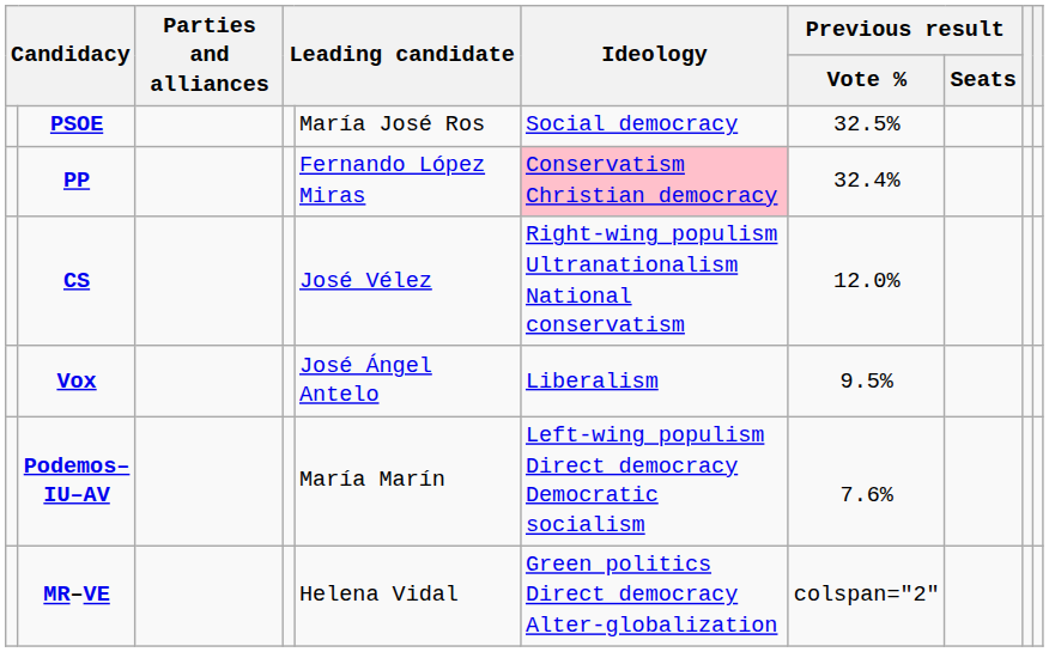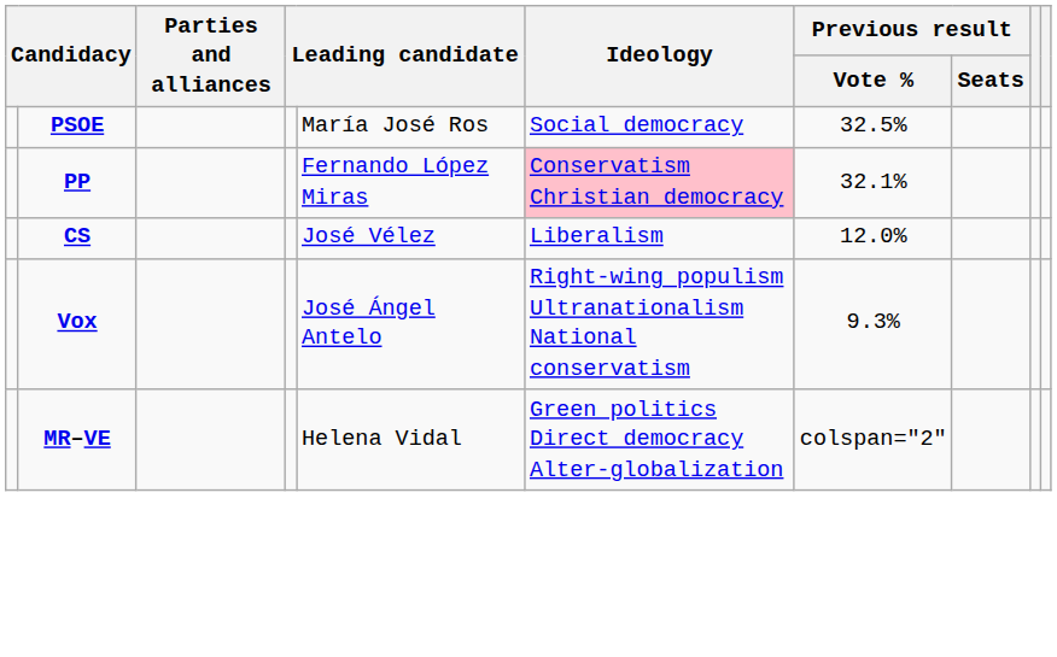 <table class="wikitable" style="line-height:1.35em; text-align:left;">
 <tr>
 <th colspan="2" rowspan="2">Candidacy</th>
 <th rowspan="2">Parties and<br>alliances</th>
 <th colspan="2" rowspan="2">Leading candidate</th>
 <th rowspan="2">Ideology</th>
 <th colspan="2">Previous result</th>
 <th rowspan="2"></th>
 <th rowspan="2"></th>
 </tr>
 <tr>
 <th>Vote %</th>
 <th>Seats</th>
 </tr>
 <tr>
 <td width="1" style="color:inherit;background:"></td>
 <td align="center"><strong><a href='#'>PSOE</a></strong></td>
 <td></td>
 <td></td>
 <td>María José Ros</td>
 <td><a href='#'>Social democracy</a></td>
 <td align="center">32.5%</td>
 <td></td>
 <td></td>
 <td></td>
 </tr>
 <tr>
 <td style="color:inherit;background:"></td>
 <td align="center"><strong><a href='#'>PP</a></strong></td>
 <td></td>
 <td></td>
 <td><a href='#'>Fernando López Miras</a></td>
 <td style="background: pink;"><a href='#'>Conservatism</a><br><a href='#'>Christian democracy</a></td>
-<td align="center">32.4%</td>
+<td align="center">32.1%</td>
 <td></td>
 <td></td>
 <td></td>
 </tr>
 <tr>
 <td style="color:inherit;background:"></td>
 <td align="center"><strong><a href='#'>CS</a></strong></td>
 <td></td>
 <td></td>
 <td><a href='#'>José Vélez</a></td>
-<td><a href='#'>Right-wing populism</a><br><a href='#'>Ultranationalism</a><br><a href='#'>National conservatism</a></td>
+<td><a href='#'>Liberalism</a></td>
 <td align="center">12.0%</td>
 <td></td>
 <td></td>
 <td><br></td>
 </tr>
 <tr>
 <td style="color:inherit;background:"></td>
 <td align="center"><strong><a href='#'>Vox</a></strong></td>
 <td></td>
 <td></td>
 <td><a href='#'>José Ángel Antelo</a></td>
-<td><a href='#'>Liberalism</a></td>
-<td align="center">9.5%</td>
+<td><a href='#'>Right-wing populism</a><br><a href='#'>Ultranationalism</a><br><a href='#'>National conservatism</a></td>
+<td align="center">9.3%</td>
 <td></td>
 <td></td>
 <td></td>
-</tr>
-<tr>
-<td style="color:inherit;background:"></td>
-<td align="center"><strong><a href='#'>Podemos–<br>IU–AV</a></strong></td>
-<td></td>
-<td></td>
-<td>María Marín</td>
-<td><a href='#'>Left-wing populism</a><br><a href='#'>Direct democracy</a><br><a href='#'>Democratic socialism</a></td>
-<td align="center"><br>7.6%<br></td>
-<td></td>
-<td></td>
-<td><br><br></td>
 </tr>
 <tr>
 <td style="color:inherit;background:"></td>
 <td align="center"><strong><a href='#'>MR</a>–<a href='#'>VE</a></strong></td>
 <td></td>
 <td></td>
 <td>Helena Vidal</td>
 <td><a href='#'>Green politics</a><br><a href='#'>Direct democracy</a><br><a href='#'>Alter-globalization</a></td>
 <td>colspan="2" </td>
 <td></td>
 <td><br></td>
 </tr>
 </table>
